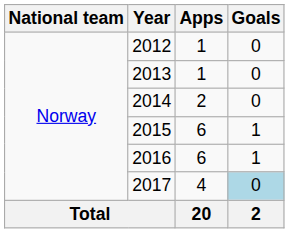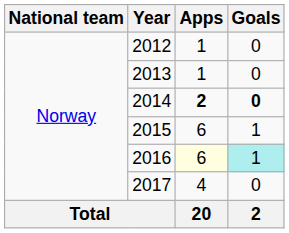 <table class="wikitable" style="text-align:center;">
 <tr>
 <th>National team</th>
 <th>Year</th>
 <th>Apps</th>
 <th>Goals</th>
 </tr>
 <tr>
 <td rowspan="6"><a href='#'>Norway</a></td>
 <td>2012</td>
 <td>1</td>
 <td>0</td>
 </tr>
 <tr>
 <td>2013</td>
 <td>1</td>
 <td>0</td>
 </tr>
 <tr>
 <td>2014</td>
-<td>2</td>
-<td>0</td>
+<td><strong>2</strong></td>
+<td><strong>0</strong></td>
 </tr>
 <tr>
 <td>2015</td>
 <td>6</td>
 <td>1</td>
 </tr>
 <tr>
 <td>2016</td>
-<td>6</td>
-<td>1</td>
+<td style="background: lightyellow;">6</td>
+<td style="background: paleturquoise;">1</td>
 </tr>
 <tr>
 <td>2017</td>
 <td>4</td>
-<td style="background: lightblue;">0</td>
+<td>0</td>
 </tr>
 <tr>
 <th colspan=2>Total</th>
 <th>20</th>
 <th>2</th>
 </tr>
 </table>
